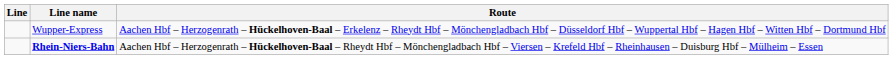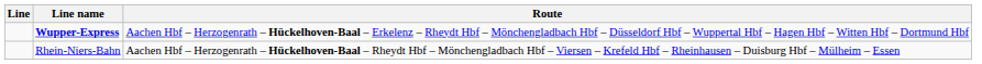 <table class="wikitable">
 <tr class="hintergrundfarbe5">
 <th>Line</th>
 <th>Line name</th>
 <th colspan="3">Route</th>
 </tr>
 <tr>
 <td></td>
-<td><a href='#'>Wupper-Express</a></td>
+<td><strong><a href='#'>Wupper-Express</a></strong></td>
 <td colspan="2"><a href='#'>Aachen Hbf</a> – <a href='#'>Herzogenrath</a> – <strong>Hückelhoven-Baal</strong> – <a href='#'>Erkelenz</a> – <a href='#'>Rheydt Hbf</a> – <a href='#'>Mönchengladbach Hbf</a> – <a href='#'>Düsseldorf Hbf</a> – <a href='#'>Wuppertal Hbf</a> – <a href='#'>Hagen Hbf</a> – <a href='#'>Witten Hbf</a> – <a href='#'>Dortmund Hbf</a></td>
 </tr>
 <tr>
 <td></td>
-<td><strong><a href='#'>Rhein-Niers-Bahn</a></strong></td>
+<td><a href='#'>Rhein-Niers-Bahn</a></td>
 <td colspan="2">Aachen Hbf – Herzogenrath – <strong>Hückelhoven-Baal</strong> – Rheydt Hbf – Mönchengladbach Hbf – <a href='#'>Viersen</a> – <a href='#'>Krefeld Hbf</a> – <a href='#'>Rheinhausen</a> – Duisburg Hbf – <a href='#'>Mülheim</a> – <a href='#'>Essen</a></td>
 </tr>
 </table>
